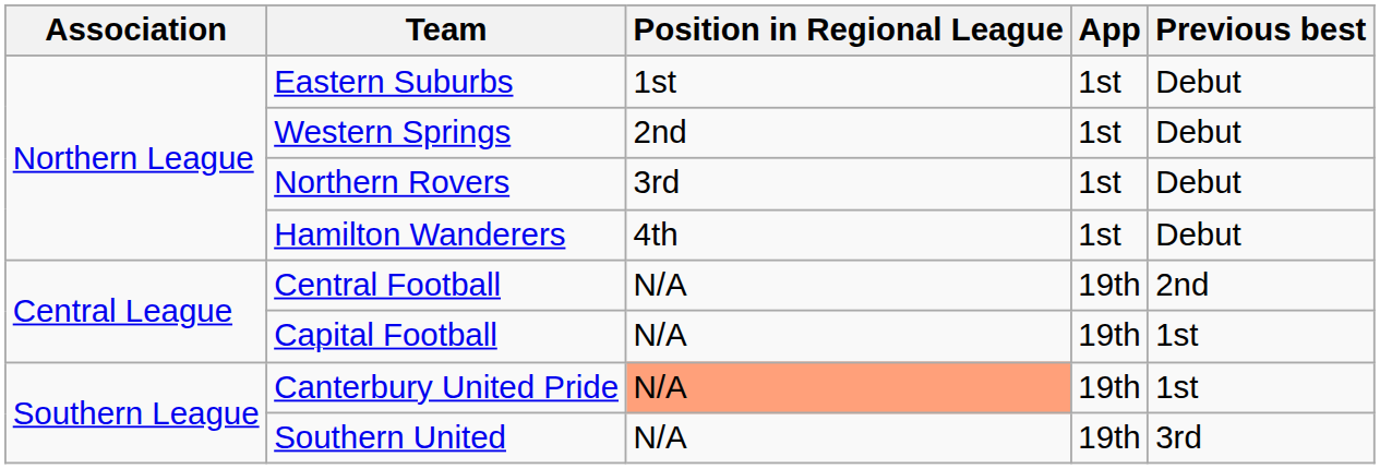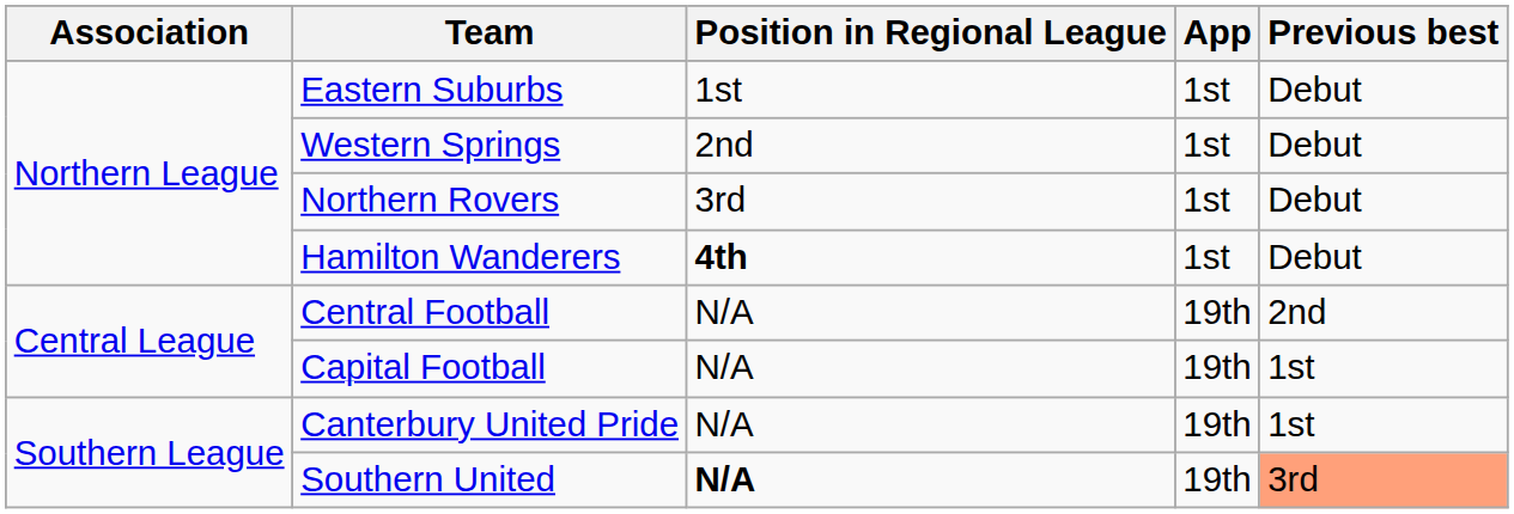 <table class="wikitable">
 <tr>
 <th>Association</th>
 <th>Team</th>
 <th>Position in Regional League</th>
 <th>App </th>
 <th>Previous best </th>
 </tr>
 <tr>
 <td rowspan=4><a href='#'>Northern League</a> </td>
 <td><a href='#'>Eastern Suburbs</a></td>
 <td>1st</td>
 <td>1st</td>
 <td>Debut</td>
 </tr>
 <tr>
 <td><a href='#'>Western Springs</a></td>
 <td>2nd</td>
 <td>1st</td>
 <td>Debut</td>
 </tr>
 <tr>
 <td><a href='#'>Northern Rovers</a></td>
 <td>3rd</td>
 <td>1st</td>
 <td>Debut</td>
 </tr>
 <tr>
 <td><a href='#'>Hamilton Wanderers</a></td>
-<td>4th</td>
+<td><strong>4th</strong></td>
 <td>1st</td>
 <td>Debut</td>
 </tr>
 <tr>
 <td rowspan=2><a href='#'>Central League</a> </td>
 <td><a href='#'>Central Football</a></td>
 <td>N/A</td>
 <td>19th </td>
 <td>2nd </td>
 </tr>
 <tr>
 <td><a href='#'>Capital Football</a></td>
 <td>N/A</td>
 <td>19th </td>
 <td>1st </td>
 </tr>
 <tr>
 <td rowspan=2><a href='#'>Southern League</a> </td>
 <td><a href='#'>Canterbury United Pride</a></td>
-<td style="background: lightsalmon;">N/A</td>
+<td>N/A</td>
 <td>19th </td>
 <td>1st </td>
 </tr>
 <tr>
 <td><a href='#'>Southern United</a></td>
-<td>N/A</td>
+<td><strong>N/A</strong></td>
 <td>19th </td>
-<td>3rd </td>
+<td style="background: lightsalmon;">3rd </td>
 </tr>
 </table>
